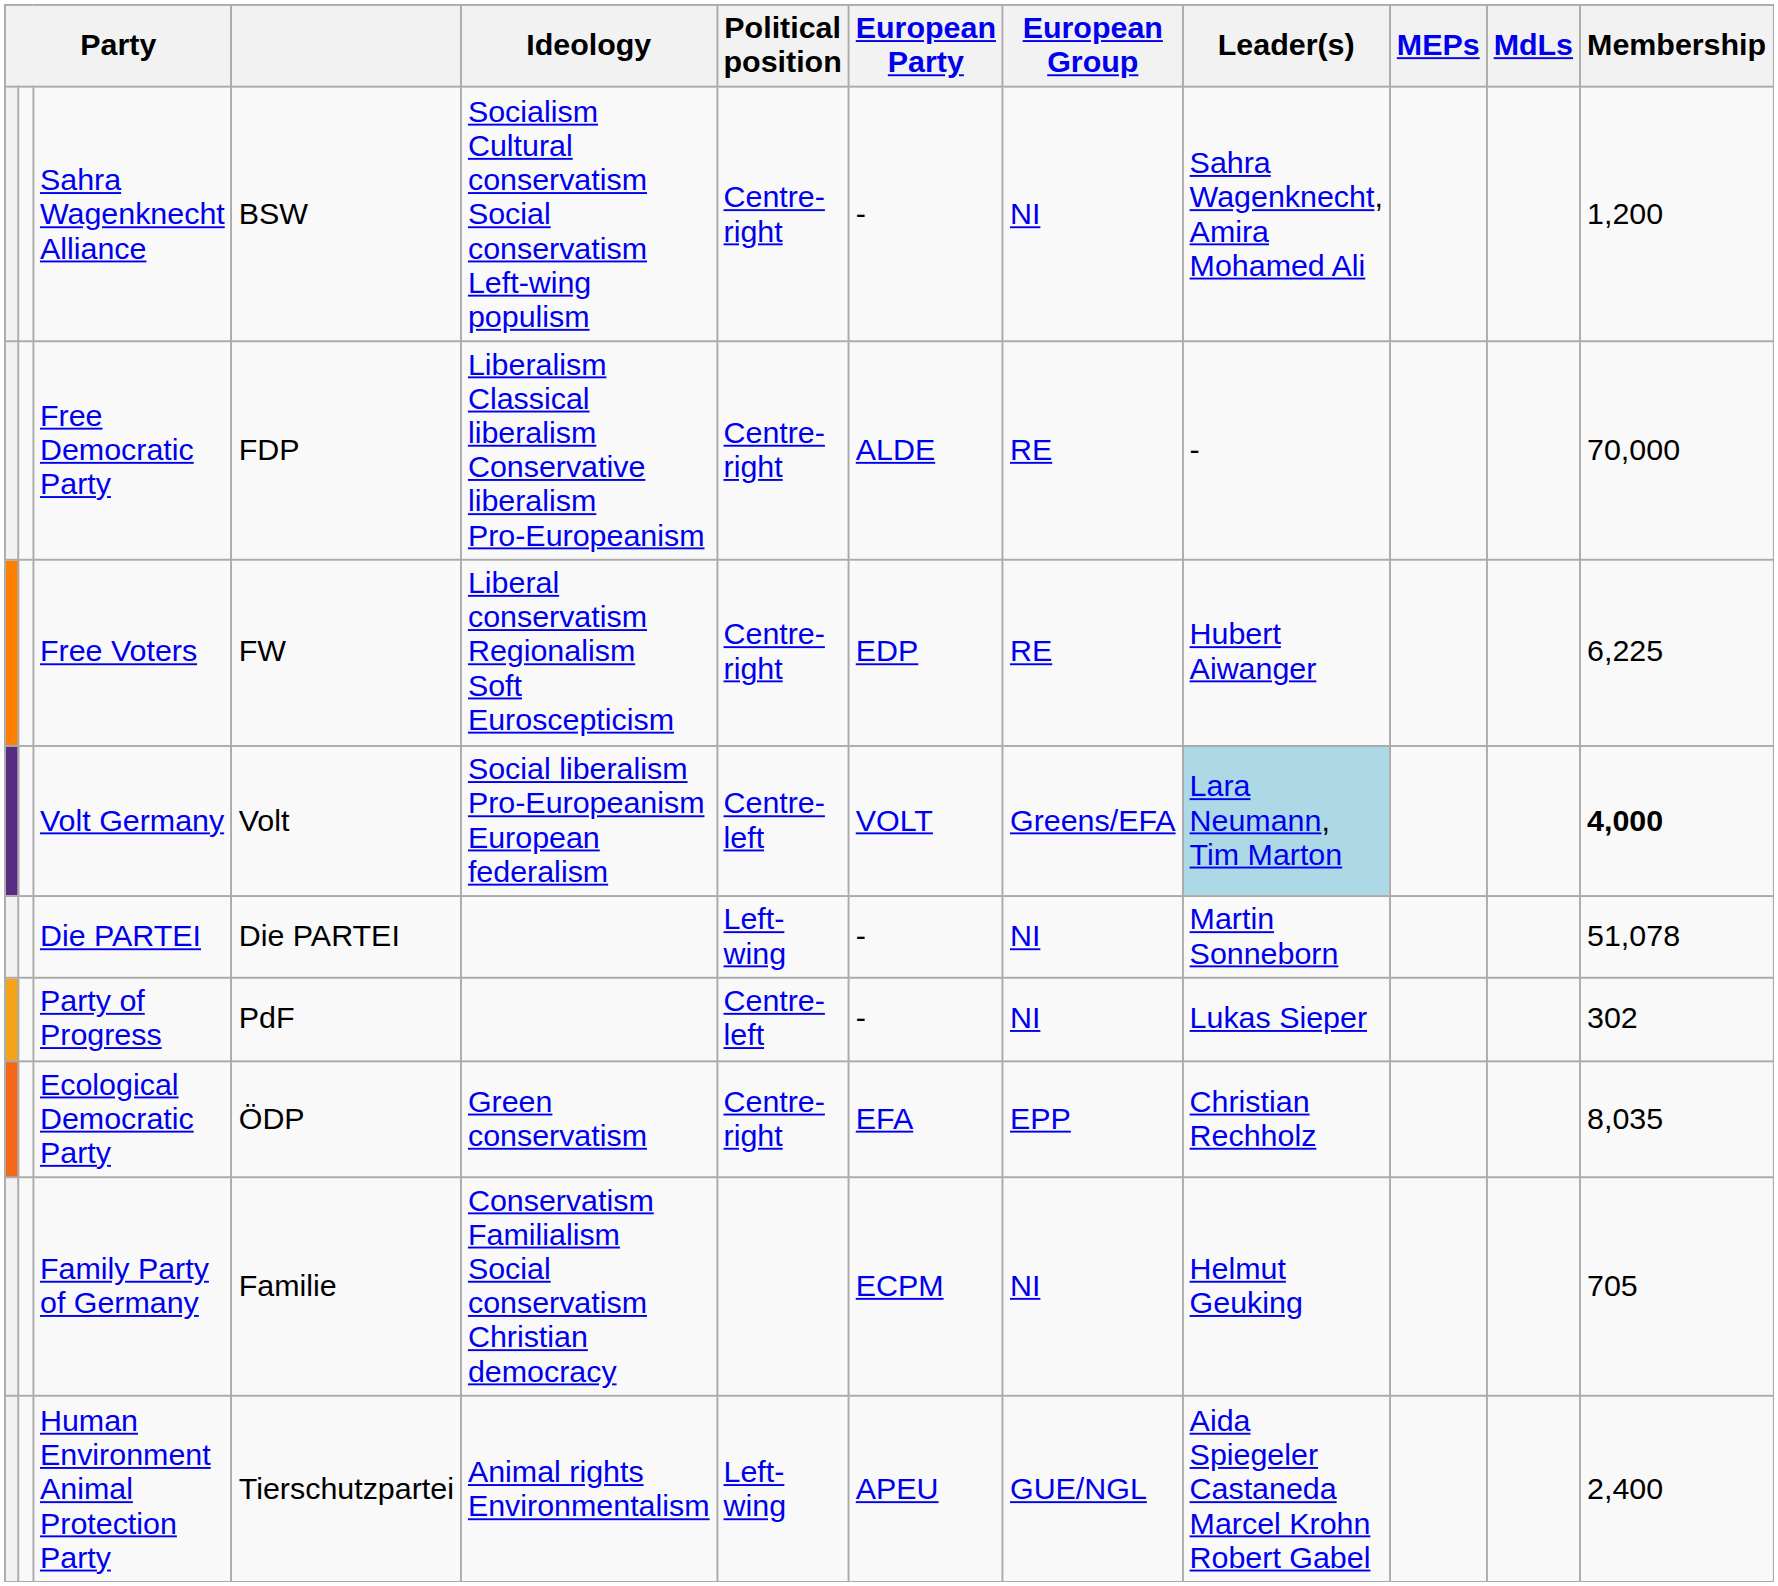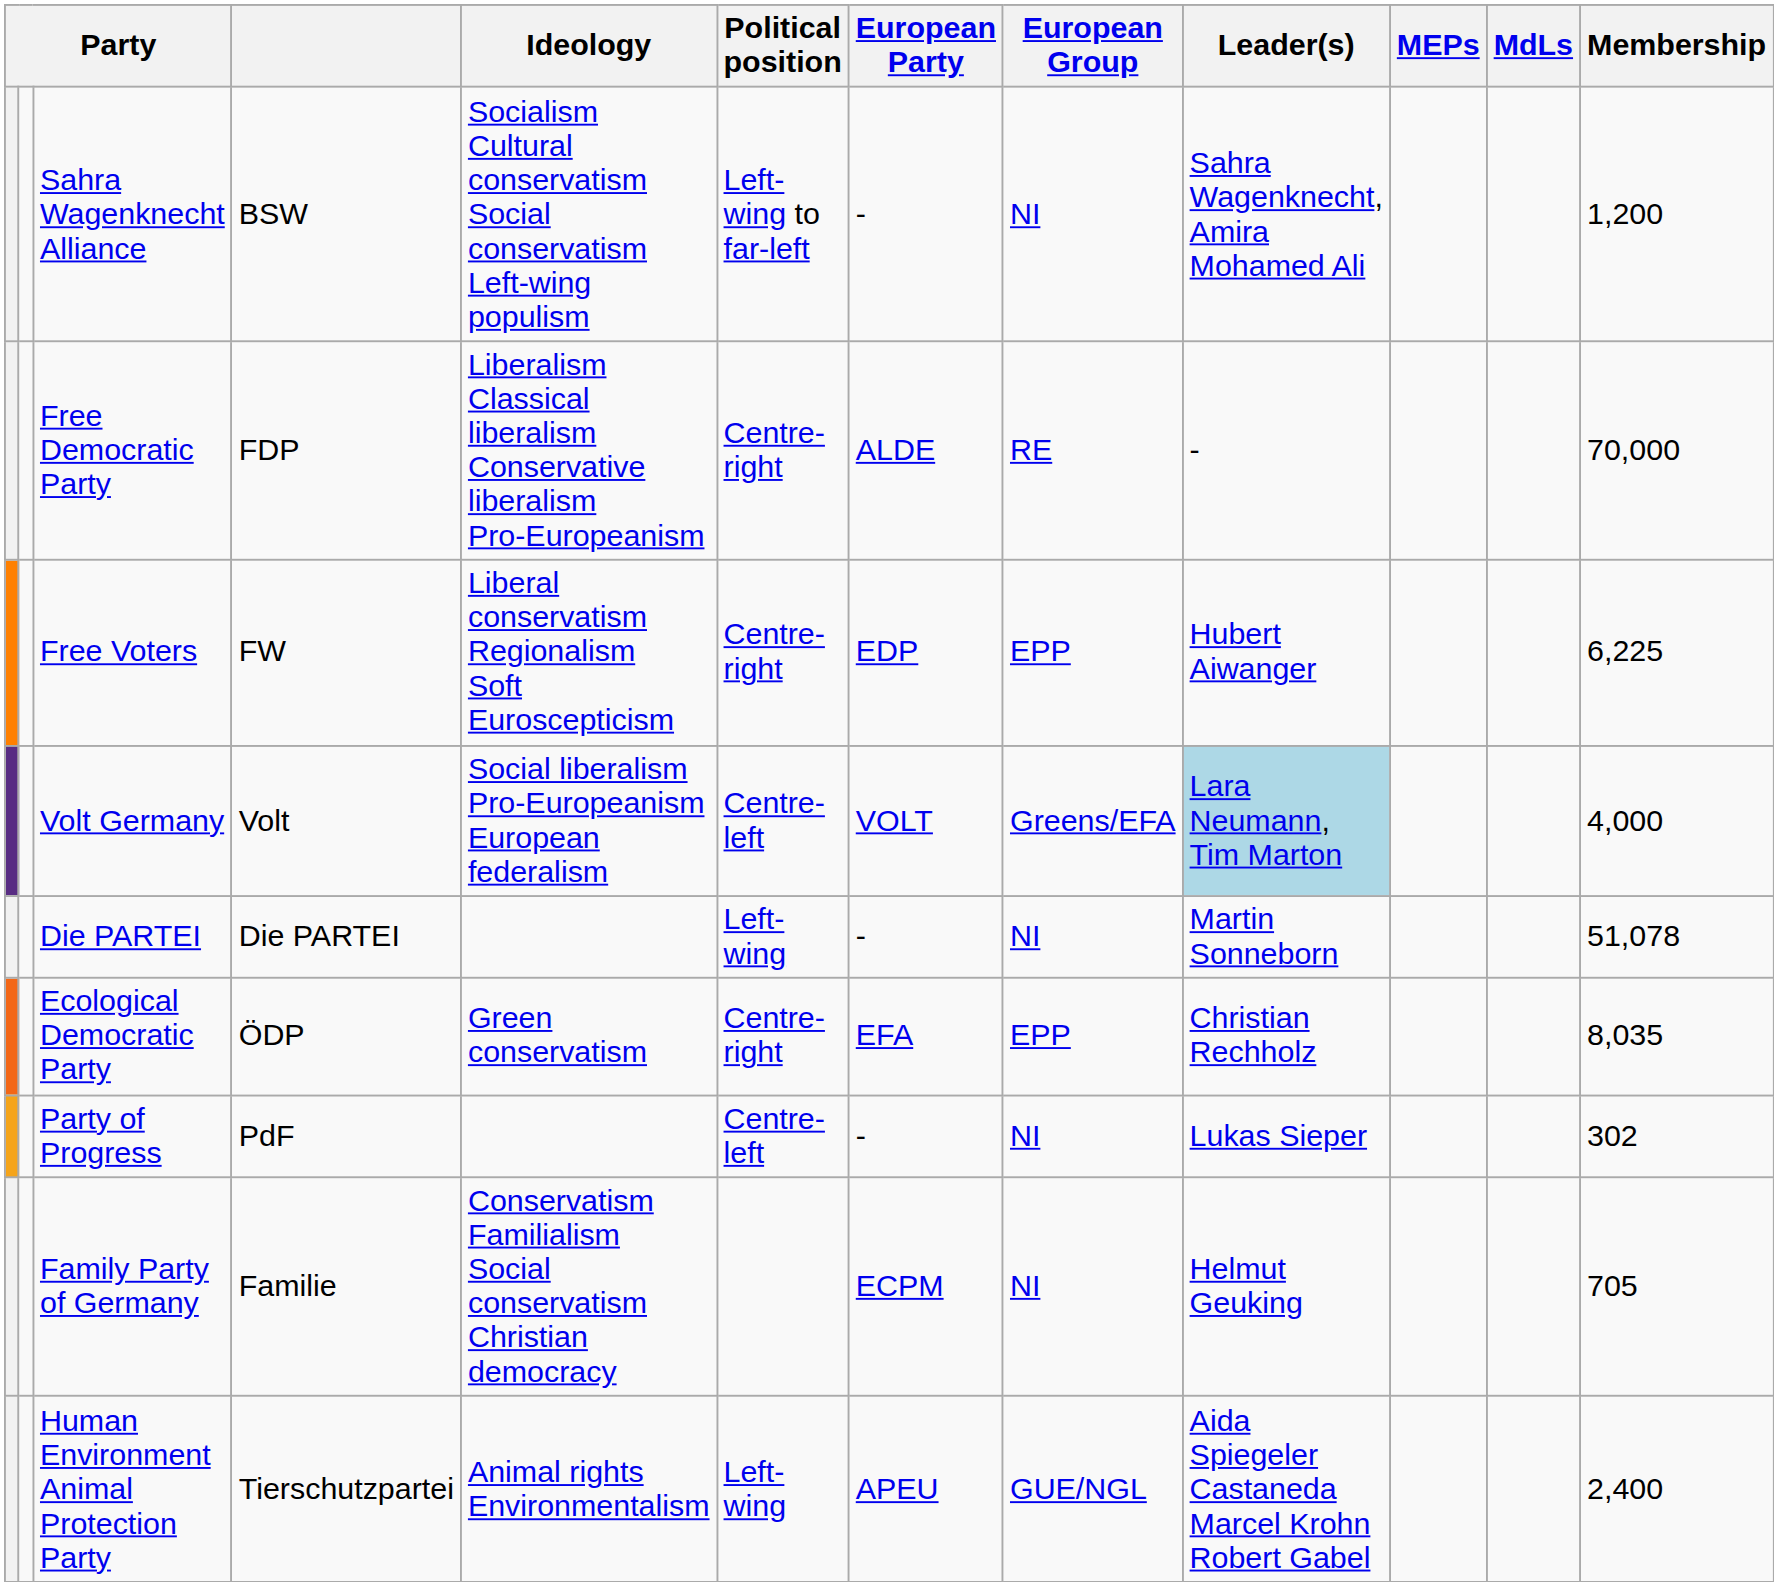 <table class="wikitable sortable sort-under-center">
 <tr>
 <th colspan="3">Party</th>
 <th></th>
 <th>Ideology</th>
 <th>Political position</th>
 <th><a href='#'>European<br>Party</a></th>
 <th><a href='#'>European<br>Group</a></th>
 <th>Leader(s)</th>
 <th><a href='#'>MEPs</a></th>
 <th><a href='#'>MdLs</a></th>
 <th>Membership</th>
 </tr>
 <tr>
 <th style="background-color: "></th>
 <td></td>
 <td><a href='#'>Sahra Wagenknecht Alliance</a><br></td>
 <td>BSW</td>
 <td><a href='#'>Socialism</a><br><a href='#'>Cultural conservatism</a><br><a href='#'>Social conservatism</a><br><a href='#'>Left-wing populism</a></td>
-<td><a href='#'>Centre-right</a></td>
+<td><a href='#'>Left-wing</a> to <a href='#'>far-left</a></td>
 <td>-</td>
 <td><a href='#'>NI</a></td>
 <td><a href='#'>Sahra Wagenknecht</a>,<br><a href='#'>Amira Mohamed Ali</a></td>
 <td></td>
 <td></td>
 <td>1,200</td>
 </tr>
 <tr>
 <th style="background-color: "></th>
 <td></td>
 <td><a href='#'>Free Democratic Party</a><br></td>
 <td>FDP</td>
 <td><a href='#'>Liberalism</a><br><a href='#'>Classical liberalism</a><br><a href='#'>Conservative liberalism</a><br><a href='#'>Pro-Europeanism</a></td>
 <td><a href='#'>Centre-right</a></td>
 <td><a href='#'>ALDE</a></td>
 <td><a href='#'>RE</a></td>
 <td>-</td>
 <td></td>
 <td></td>
 <td>70,000</td>
 </tr>
 <tr>
 <th style="background-color: #FF8000"></th>
 <td></td>
 <td><a href='#'>Free Voters</a><br></td>
 <td>FW</td>
 <td><a href='#'>Liberal conservatism</a><br><a href='#'>Regionalism</a><br><a href='#'>Soft Euroscepticism</a></td>
 <td><a href='#'>Centre-right</a></td>
 <td><a href='#'>EDP</a></td>
-<td><a href='#'>RE</a></td>
+<td><a href='#'>EPP</a></td>
 <td><a href='#'>Hubert Aiwanger</a></td>
 <td></td>
 <td></td>
 <td>6,225</td>
 </tr>
 <tr>
 <th style="background:#582C83;"></th>
 <td></td>
 <td><a href='#'>Volt Germany</a><br></td>
 <td>Volt</td>
 <td><a href='#'>Social liberalism</a><br><a href='#'>Pro-Europeanism</a><br><a href='#'>European federalism</a></td>
 <td><a href='#'>Centre-left</a></td>
 <td><a href='#'>VOLT</a></td>
 <td><a href='#'>Greens/EFA</a></td>
 <td style="background: lightblue;"><a href='#'>Lara Neumann</a>, <a href='#'>Tim Marton</a></td>
 <td></td>
 <td></td>
-<td><strong>4,000</strong></td>
+<td>4,000</td>
 </tr>
 <tr>
 <th style="background-color: "></th>
 <td></td>
 <td><a href='#'>Die PARTEI</a><br></td>
 <td>Die PARTEI</td>
 <td></td>
 <td><a href='#'>Left-wing</a></td>
 <td>-</td>
 <td><a href='#'>NI</a></td>
 <td><a href='#'>Martin Sonneborn</a></td>
 <td></td>
 <td></td>
 <td>51,078</td>
 </tr>
 <tr>
+<th style="background-color: #F36717"></th>
+<td></td>
+<td><a href='#'>Ecological Democratic Party</a><br></td>
+<td>ÖDP</td>
+<td><a href='#'>Green conservatism</a></td>
+<td><a href='#'>Centre-right</a></td>
+<td><a href='#'>EFA</a></td>
+<td><a href='#'>EPP</a></td>
+<td><a href='#'>Christian Rechholz</a></td>
+<td></td>
+<td></td>
+<td>8,035</td>
+</tr>
+<tr>
 <th style="background:#F5A419;"></th>
 <td></td>
 <td><a href='#'>Party of Progress</a><br></td>
 <td>PdF</td>
 <td></td>
 <td><a href='#'>Centre-left</a></td>
 <td>-</td>
 <td><a href='#'>NI</a></td>
 <td><a href='#'>Lukas Sieper</a></td>
 <td></td>
 <td></td>
 <td>302</td>
-</tr>
-<tr>
-<th style="background-color: #F36717"></th>
-<td></td>
-<td><a href='#'>Ecological Democratic Party</a><br></td>
-<td>ÖDP</td>
-<td><a href='#'>Green conservatism</a></td>
-<td><a href='#'>Centre-right</a></td>
-<td><a href='#'>EFA</a></td>
-<td><a href='#'>EPP</a></td>
-<td><a href='#'>Christian Rechholz</a></td>
-<td></td>
-<td></td>
-<td>8,035</td>
 </tr>
 <tr>
 <th style="background:"></th>
 <td></td>
 <td><a href='#'>Family Party of Germany</a><br></td>
 <td>Familie</td>
 <td><a href='#'>Conservatism</a><br><a href='#'>Familialism</a><br><a href='#'>Social conservatism</a><br><a href='#'>Christian democracy</a></td>
 <td></td>
 <td><a href='#'>ECPM</a></td>
 <td><a href='#'>NI</a></td>
 <td><a href='#'>Helmut Geuking</a></td>
 <td></td>
 <td></td>
 <td>705</td>
 </tr>
 <tr>
 <th style="background:"></th>
 <td></td>
 <td><a href='#'>Human Environment Animal Protection Party</a><br></td>
 <td>Tierschutzpartei</td>
 <td><a href='#'>Animal rights</a><br><a href='#'>Environmentalism</a></td>
 <td><a href='#'>Left-wing</a></td>
 <td><a href='#'>APEU</a></td>
 <td><a href='#'>GUE/NGL</a></td>
 <td><a href='#'>Aida Spiegeler Castaneda</a><br><a href='#'>Marcel Krohn</a><br><a href='#'>Robert Gabel</a></td>
 <td></td>
 <td></td>
 <td>2,400</td>
 </tr>
 <tr>
 </tr>
 </table>
